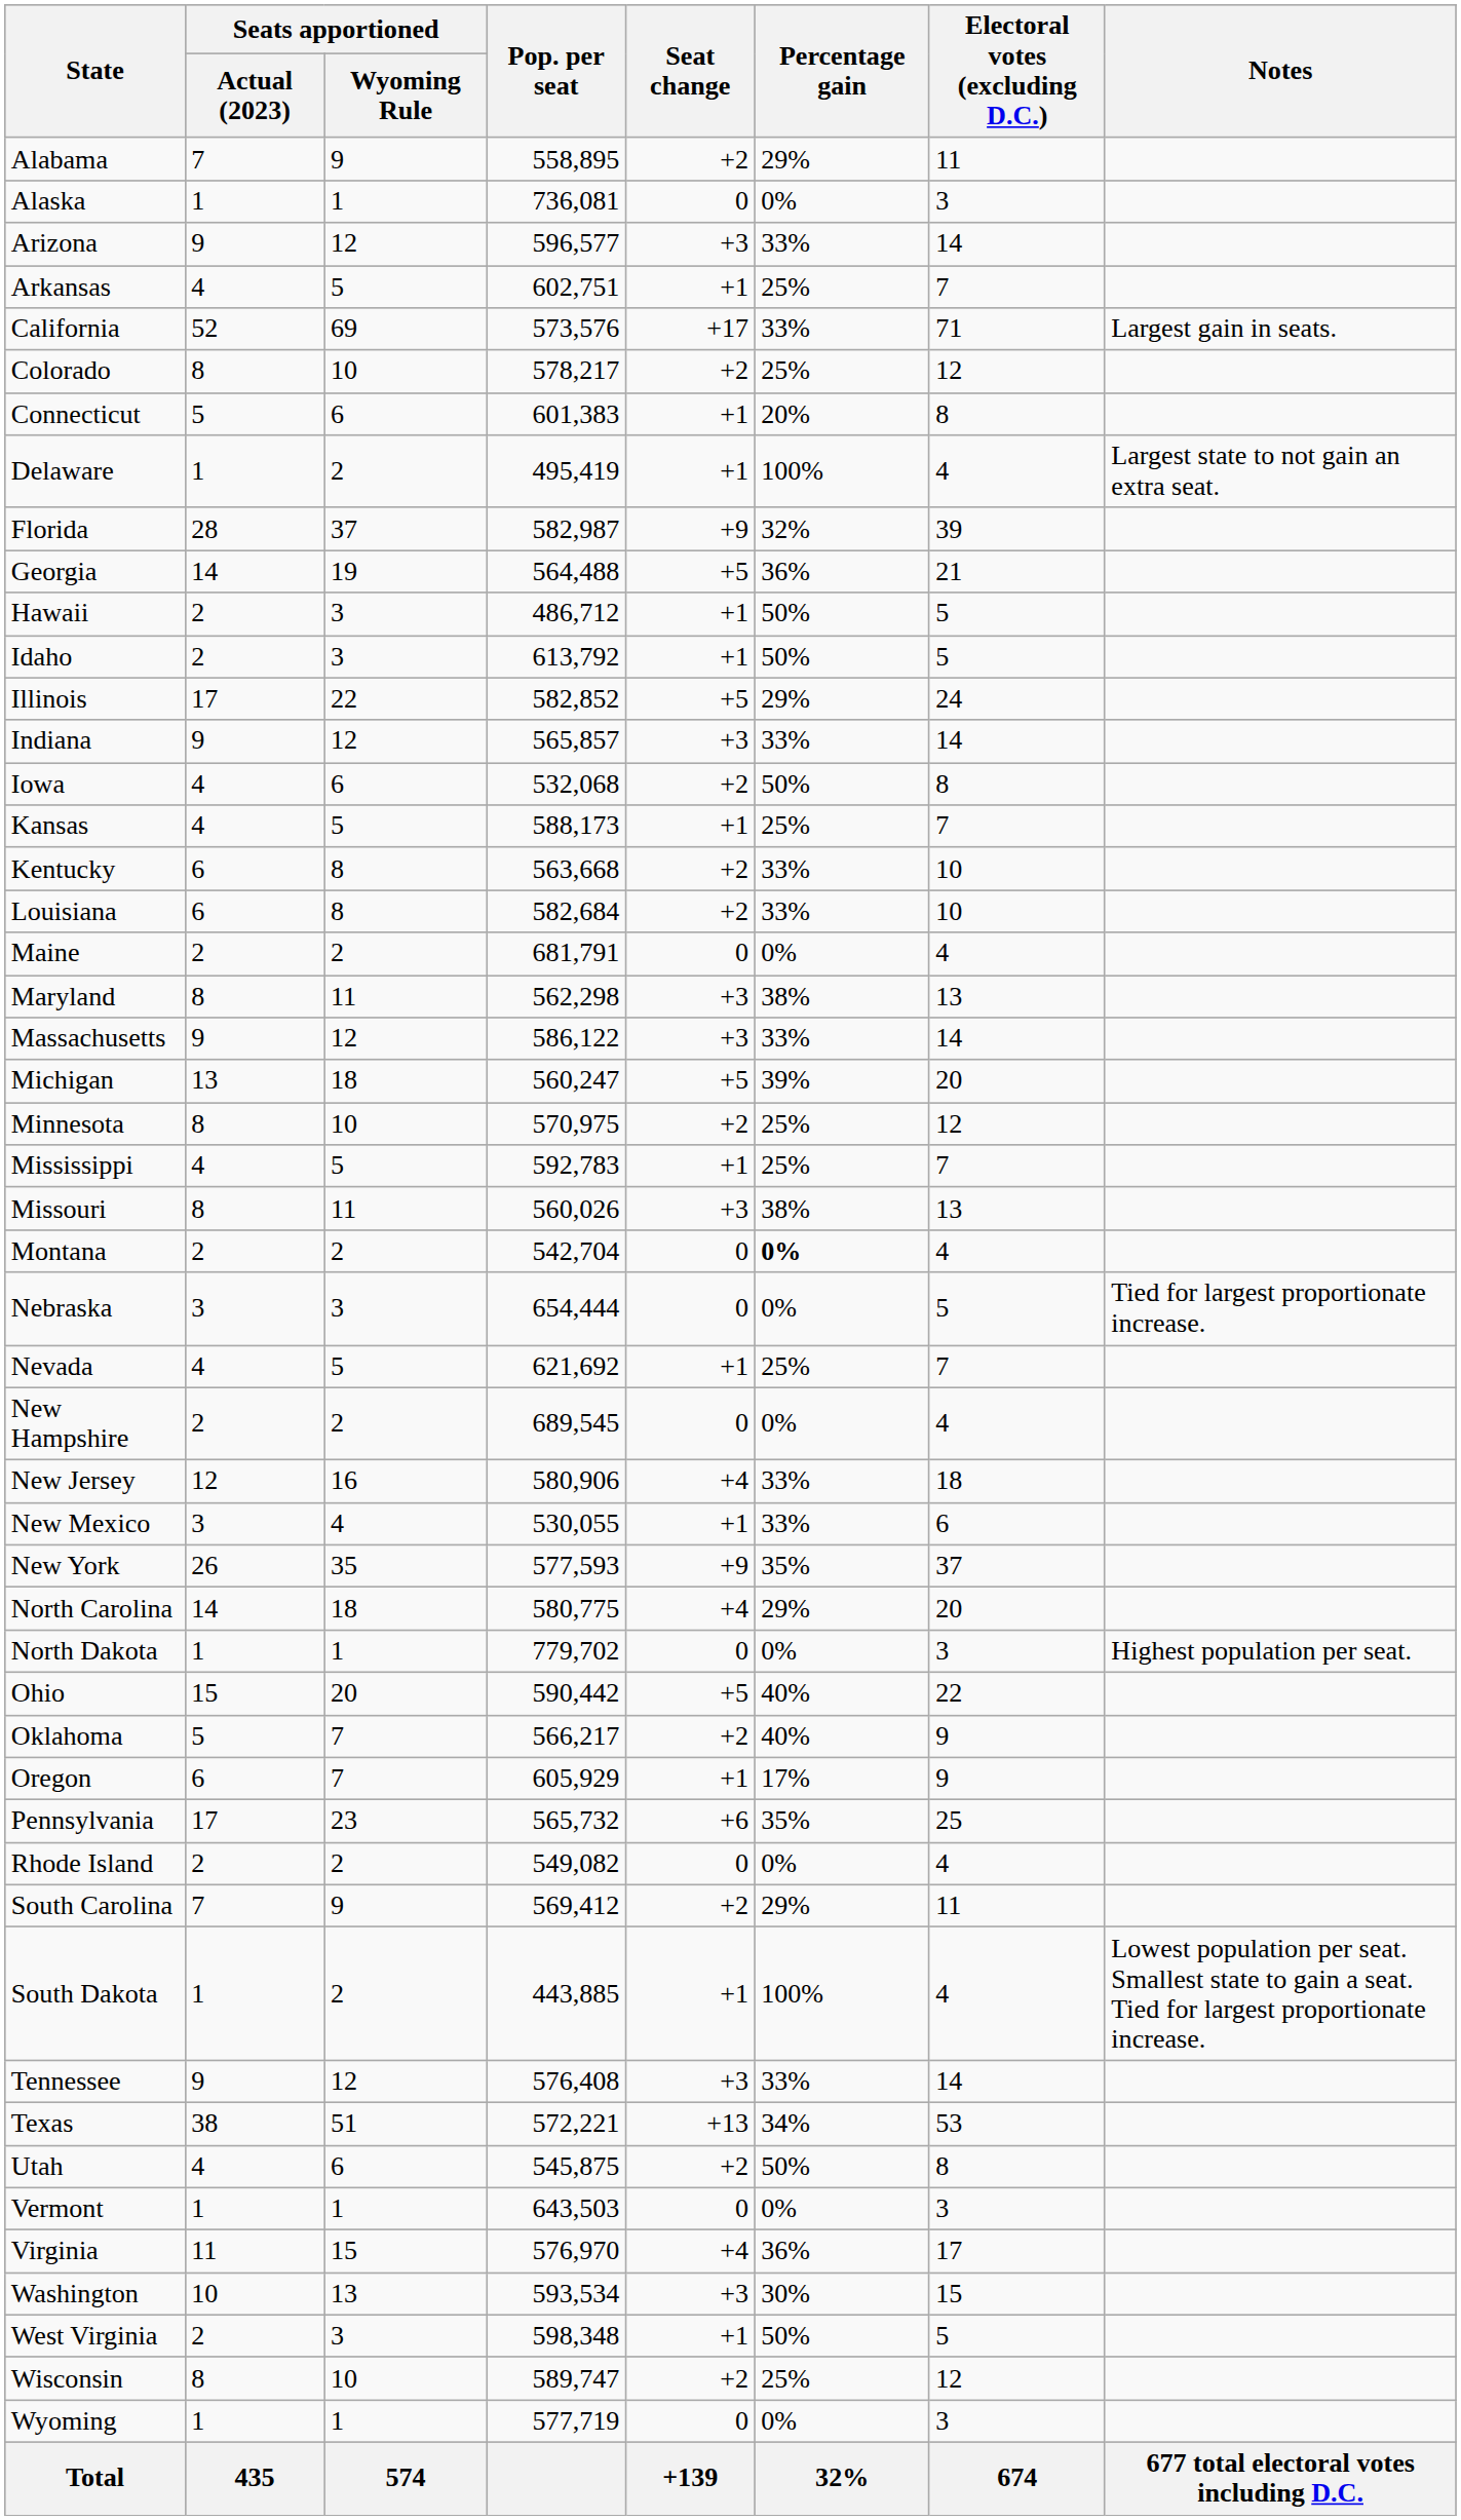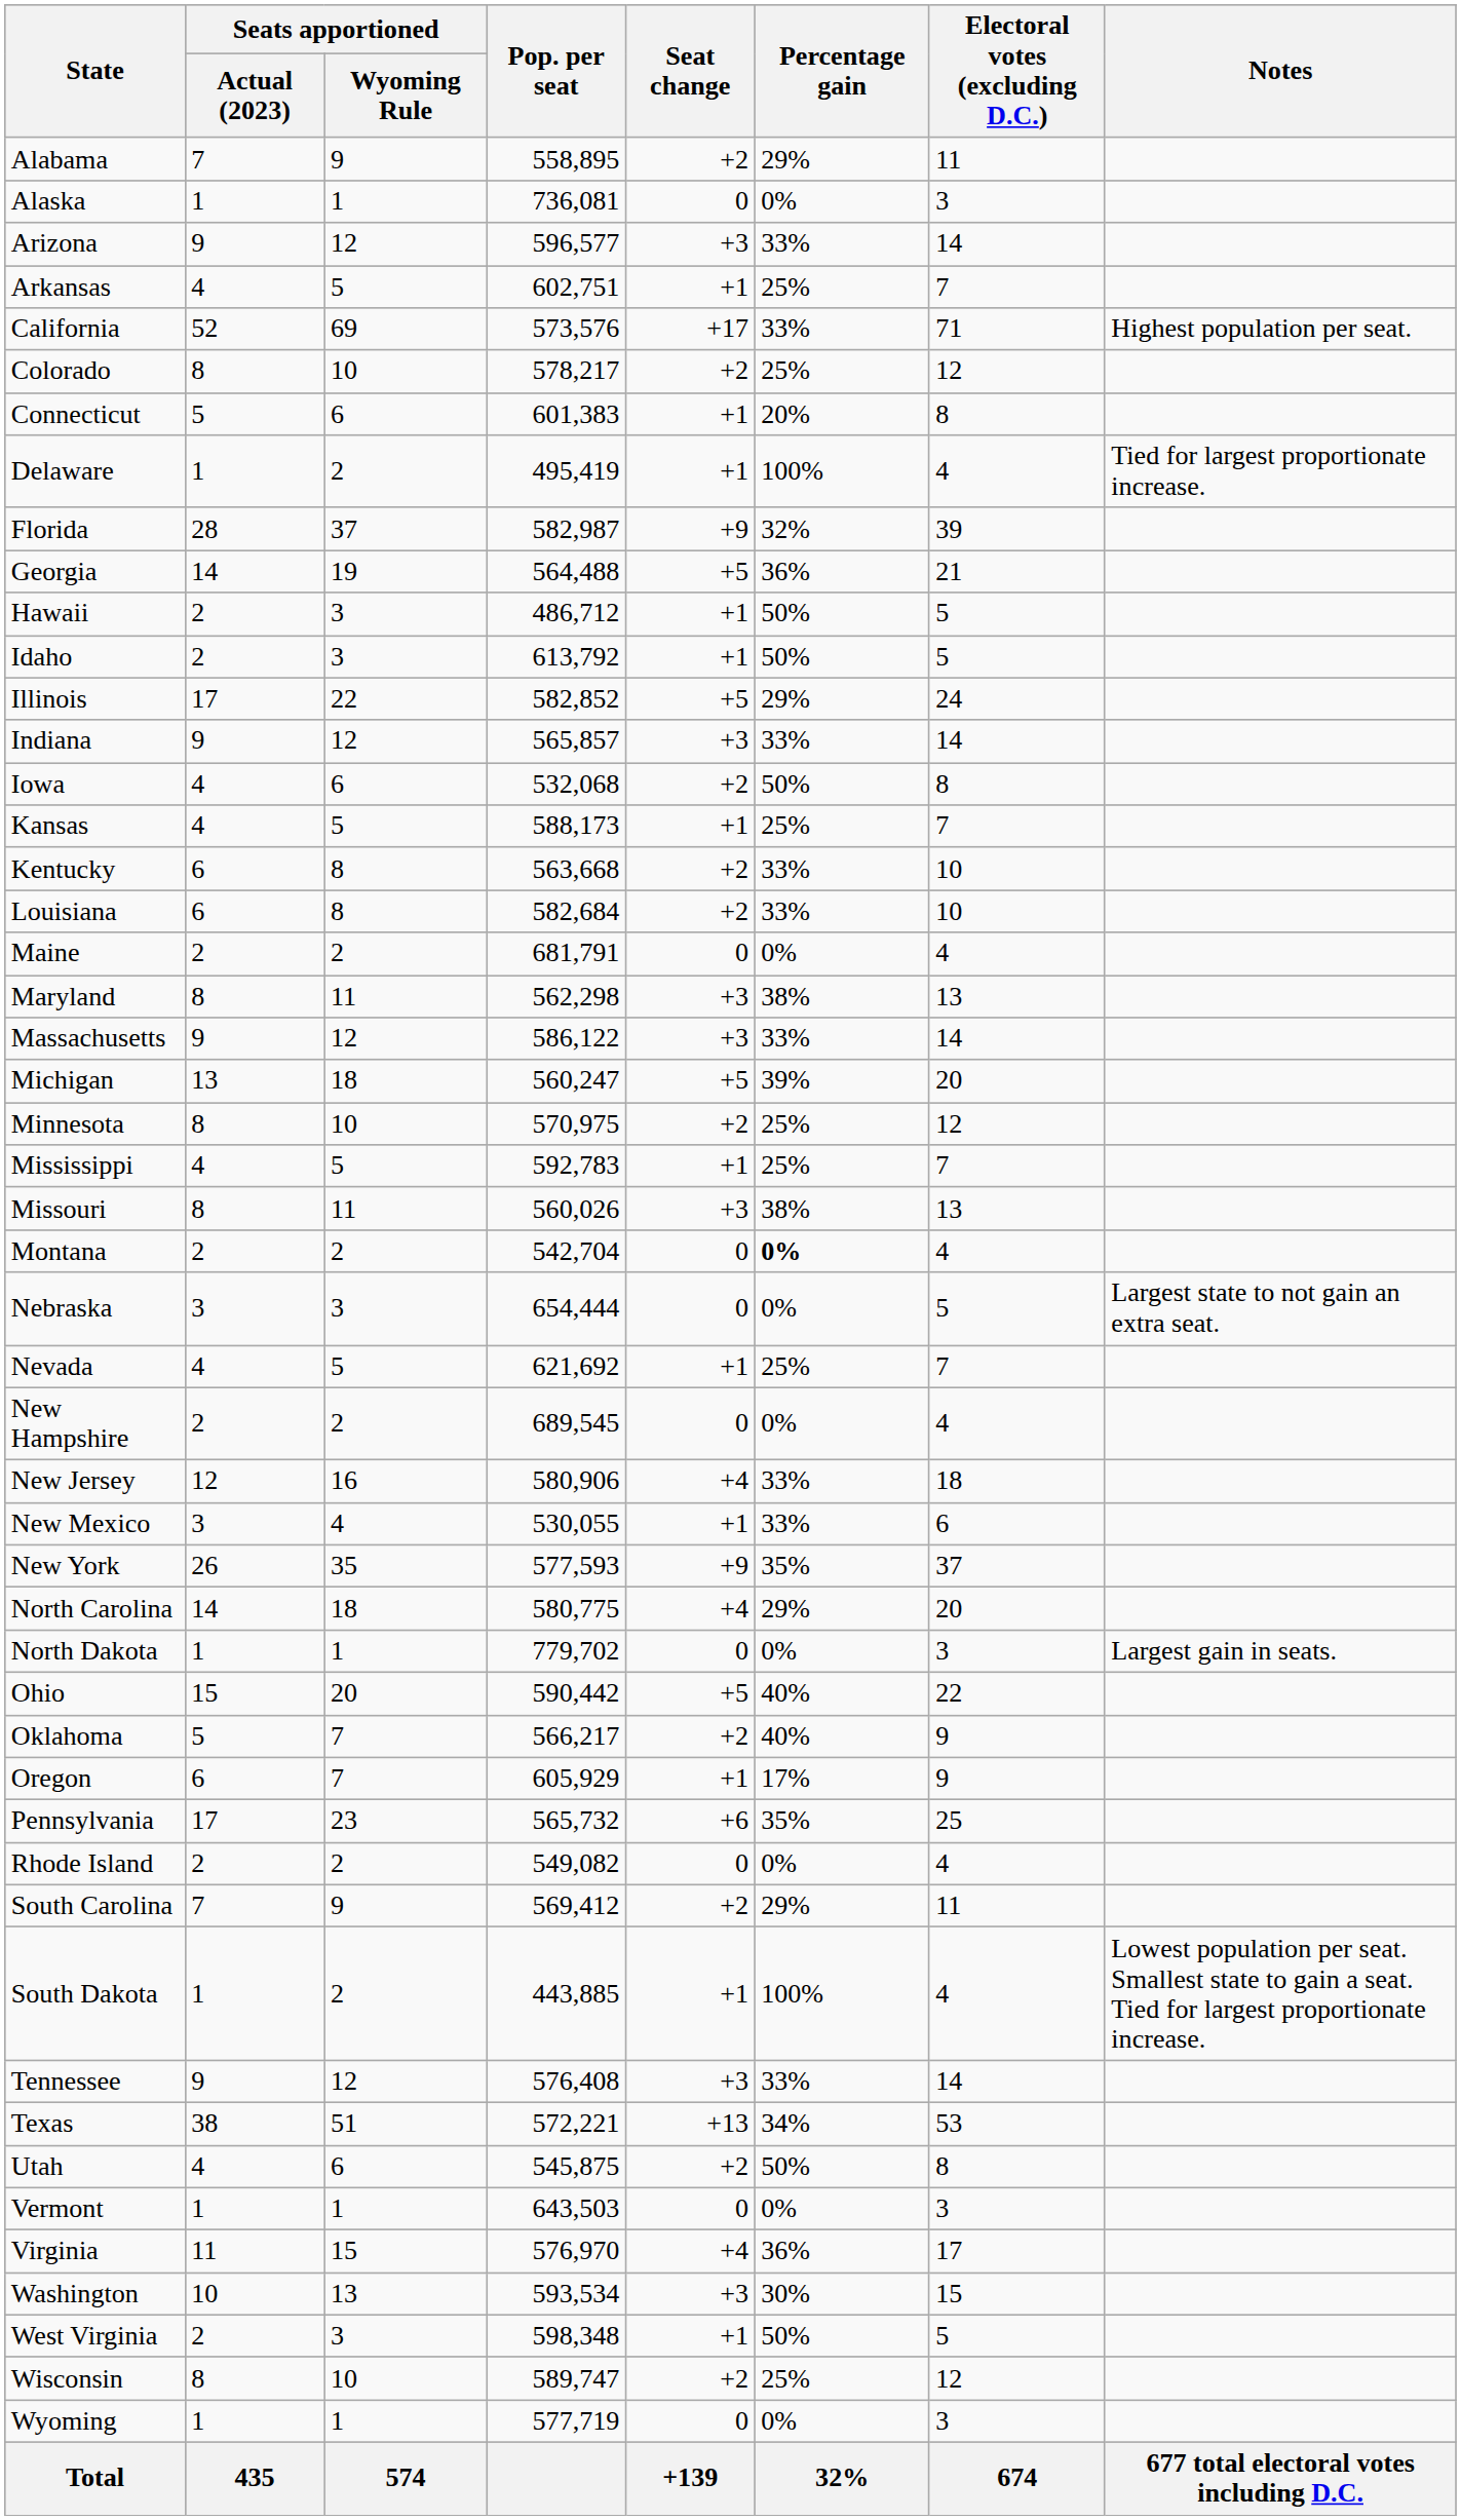 <table class="wikitable sortable">
 <tr>
 <th rowspan=2>State</th>
 <th colspan=2>Seats apportioned</th>
 <th rowspan=2>Pop. per seat</th>
 <th rowspan=2>Seat change</th>
 <th rowspan=2>Percentage gain</th>
 <th rowspan=2>Electoral votes<br> (excluding <a href='#'>D.C.</a>)</th>
 <th rowspan=2>Notes</th>
 </tr>
 <tr>
 <th>Actual (2023)</th>
 <th>Wyoming Rule</th>
 </tr>
 <tr>
 <td>Alabama</td>
 <td>7</td>
 <td>9</td>
 <td align="right">558,895</td>
 <td align="right">+2</td>
 <td>29%</td>
 <td>11</td>
 <td></td>
 </tr>
 <tr>
 <td>Alaska</td>
 <td>1</td>
 <td>1</td>
 <td align="right">736,081</td>
 <td align="right">0</td>
 <td>0%</td>
 <td>3</td>
 <td></td>
 </tr>
 <tr>
 <td>Arizona</td>
 <td>9</td>
 <td>12</td>
 <td align="right">596,577</td>
 <td align="right">+3</td>
 <td>33%</td>
 <td>14</td>
 <td></td>
 </tr>
 <tr>
 <td>Arkansas</td>
 <td>4</td>
 <td>5</td>
 <td align="right">602,751</td>
 <td align="right">+1</td>
 <td>25%</td>
 <td>7</td>
 <td></td>
 </tr>
 <tr>
 <td>California</td>
 <td>52</td>
 <td>69</td>
 <td align="right">573,576</td>
 <td align="right">+17</td>
 <td>33%</td>
 <td>71</td>
-<td>Largest gain in seats.</td>
+<td>Highest population per seat.</td>
 </tr>
 <tr>
 <td>Colorado</td>
 <td>8</td>
 <td>10</td>
 <td align="right">578,217</td>
 <td align="right">+2</td>
 <td>25%</td>
 <td>12</td>
 <td></td>
 </tr>
 <tr>
 <td>Connecticut</td>
 <td>5</td>
 <td>6</td>
 <td align="right">601,383</td>
 <td align="right">+1</td>
 <td>20%</td>
 <td>8</td>
 <td></td>
 </tr>
 <tr>
 <td>Delaware</td>
 <td>1</td>
 <td>2</td>
 <td align="right">495,419</td>
 <td align="right">+1</td>
 <td>100%</td>
 <td>4</td>
-<td>Largest state to not gain an extra seat.</td>
+<td>Tied for largest proportionate increase.</td>
 </tr>
 <tr>
 <td>Florida</td>
 <td>28</td>
 <td>37</td>
 <td align="right">582,987</td>
 <td align="right">+9</td>
 <td>32%</td>
 <td>39</td>
 <td></td>
 </tr>
 <tr>
 <td>Georgia</td>
 <td>14</td>
 <td>19</td>
 <td align="right">564,488</td>
 <td align="right">+5</td>
 <td>36%</td>
 <td>21</td>
 <td></td>
 </tr>
 <tr>
 <td>Hawaii</td>
 <td>2</td>
 <td>3</td>
 <td align="right">486,712</td>
 <td align="right">+1</td>
 <td>50%</td>
 <td>5</td>
 <td></td>
 </tr>
 <tr>
 <td>Idaho</td>
 <td>2</td>
 <td>3</td>
 <td align="right">613,792</td>
 <td align="right">+1</td>
 <td>50%</td>
 <td>5</td>
 <td></td>
 </tr>
 <tr>
 <td>Illinois</td>
 <td>17</td>
 <td>22</td>
 <td align="right">582,852</td>
 <td align="right">+5</td>
 <td>29%</td>
 <td>24</td>
 <td></td>
 </tr>
 <tr>
 <td>Indiana</td>
 <td>9</td>
 <td>12</td>
 <td align="right">565,857</td>
 <td align="right">+3</td>
 <td>33%</td>
 <td>14</td>
 <td></td>
 </tr>
 <tr>
 <td>Iowa</td>
 <td>4</td>
 <td>6</td>
 <td align="right">532,068</td>
 <td align="right">+2</td>
 <td>50%</td>
 <td>8</td>
 <td></td>
 </tr>
 <tr>
 <td>Kansas</td>
 <td>4</td>
 <td>5</td>
 <td align="right">588,173</td>
 <td align="right">+1</td>
 <td>25%</td>
 <td>7</td>
 <td></td>
 </tr>
 <tr>
 <td>Kentucky</td>
 <td>6</td>
 <td>8</td>
 <td align="right">563,668</td>
 <td align="right">+2</td>
 <td>33%</td>
 <td>10</td>
 <td></td>
 </tr>
 <tr>
 <td>Louisiana</td>
 <td>6</td>
 <td>8</td>
 <td align="right">582,684</td>
 <td align="right">+2</td>
 <td>33%</td>
 <td>10</td>
 <td></td>
 </tr>
 <tr>
 <td>Maine</td>
 <td>2</td>
 <td>2</td>
 <td align="right">681,791</td>
 <td align="right">0</td>
 <td>0%</td>
 <td>4</td>
 <td></td>
 </tr>
 <tr>
 <td>Maryland</td>
 <td>8</td>
 <td>11</td>
 <td align="right">562,298</td>
 <td align="right">+3</td>
 <td>38%</td>
 <td>13</td>
 <td></td>
 </tr>
 <tr>
 <td>Massachusetts</td>
 <td>9</td>
 <td>12</td>
 <td align="right">586,122</td>
 <td align="right">+3</td>
 <td>33%</td>
 <td>14</td>
 <td></td>
 </tr>
 <tr>
 <td>Michigan</td>
 <td>13</td>
 <td>18</td>
 <td align="right">560,247</td>
 <td align="right">+5</td>
 <td>39%</td>
 <td>20</td>
 <td></td>
 </tr>
 <tr>
 <td>Minnesota</td>
 <td>8</td>
 <td>10</td>
 <td align="right">570,975</td>
 <td align="right">+2</td>
 <td>25%</td>
 <td>12</td>
 <td></td>
 </tr>
 <tr>
 <td>Mississippi</td>
 <td>4</td>
 <td>5</td>
 <td align="right">592,783</td>
 <td align="right">+1</td>
 <td>25%</td>
 <td>7</td>
 <td></td>
 </tr>
 <tr>
 <td>Missouri</td>
 <td>8</td>
 <td>11</td>
 <td align="right">560,026</td>
 <td align="right">+3</td>
 <td>38%</td>
 <td>13</td>
 <td></td>
 </tr>
 <tr>
 <td>Montana</td>
 <td>2</td>
 <td>2</td>
 <td align="right">542,704</td>
 <td align="right">0</td>
 <td><strong>0%</strong></td>
 <td>4</td>
 <td></td>
 </tr>
 <tr>
 <td>Nebraska</td>
 <td>3</td>
 <td>3</td>
 <td align="right">654,444</td>
 <td align="right">0</td>
 <td>0%</td>
 <td>5</td>
-<td>Tied for largest proportionate increase.</td>
+<td>Largest state to not gain an extra seat.</td>
 </tr>
 <tr>
 <td>Nevada</td>
 <td>4</td>
 <td>5</td>
 <td align="right">621,692</td>
 <td align="right">+1</td>
 <td>25%</td>
 <td>7</td>
 <td></td>
 </tr>
 <tr>
 <td>New Hampshire</td>
 <td>2</td>
 <td>2</td>
 <td align="right">689,545</td>
 <td align="right">0</td>
 <td>0%</td>
 <td>4</td>
 <td></td>
 </tr>
 <tr>
 <td>New Jersey</td>
 <td>12</td>
 <td>16</td>
 <td align="right">580,906</td>
 <td align="right">+4</td>
 <td>33%</td>
 <td>18</td>
 <td></td>
 </tr>
 <tr>
 <td>New Mexico</td>
 <td>3</td>
 <td>4</td>
 <td align="right">530,055</td>
 <td align="right">+1</td>
 <td>33%</td>
 <td>6</td>
 <td></td>
 </tr>
 <tr>
 <td>New York</td>
 <td>26</td>
 <td>35</td>
 <td align="right">577,593</td>
 <td align="right">+9</td>
 <td>35%</td>
 <td>37</td>
 <td></td>
 </tr>
 <tr>
 <td>North Carolina</td>
 <td>14</td>
 <td>18</td>
 <td align="right">580,775</td>
 <td align="right">+4</td>
 <td>29%</td>
 <td>20</td>
 <td></td>
 </tr>
 <tr>
 <td>North Dakota</td>
 <td>1</td>
 <td>1</td>
 <td align="right">779,702</td>
 <td align="right">0</td>
 <td>0%</td>
 <td>3</td>
-<td>Highest population per seat.</td>
+<td>Largest gain in seats.</td>
 </tr>
 <tr>
 <td>Ohio</td>
 <td>15</td>
 <td>20</td>
 <td align="right">590,442</td>
 <td align="right">+5</td>
 <td>40%</td>
 <td>22</td>
 <td></td>
 </tr>
 <tr>
 <td>Oklahoma</td>
 <td>5</td>
 <td>7</td>
 <td align="right">566,217</td>
 <td align="right">+2</td>
 <td>40%</td>
 <td>9</td>
 <td></td>
 </tr>
 <tr>
 <td>Oregon</td>
 <td>6</td>
 <td>7</td>
 <td align="right">605,929</td>
 <td align="right">+1</td>
 <td>17%</td>
 <td>9</td>
 <td></td>
 </tr>
 <tr>
 <td>Pennsylvania</td>
 <td>17</td>
 <td>23</td>
 <td align="right">565,732</td>
 <td align="right">+6</td>
 <td>35%</td>
 <td>25</td>
 <td></td>
 </tr>
 <tr>
 <td>Rhode Island</td>
 <td>2</td>
 <td>2</td>
 <td align="right">549,082</td>
 <td align="right">0</td>
 <td>0%</td>
 <td>4</td>
 <td></td>
 </tr>
 <tr>
 <td>South Carolina</td>
 <td>7</td>
 <td>9</td>
 <td align="right">569,412</td>
 <td align="right">+2</td>
 <td>29%</td>
 <td>11</td>
 <td></td>
 </tr>
 <tr>
 <td>South Dakota</td>
 <td>1</td>
 <td>2</td>
 <td align="right">443,885</td>
 <td align="right">+1</td>
 <td>100%</td>
 <td>4</td>
 <td>Lowest population per seat.<br> Smallest state to gain a seat.<br> Tied for largest proportionate increase.</td>
 </tr>
 <tr>
 <td>Tennessee</td>
 <td>9</td>
 <td>12</td>
 <td align="right">576,408</td>
 <td align="right">+3</td>
 <td>33%</td>
 <td>14</td>
 <td></td>
 </tr>
 <tr>
 <td>Texas</td>
 <td>38</td>
 <td>51</td>
 <td align="right">572,221</td>
 <td align="right">+13</td>
 <td>34%</td>
 <td>53</td>
 <td></td>
 </tr>
 <tr>
 <td>Utah</td>
 <td>4</td>
 <td>6</td>
 <td align="right">545,875</td>
 <td align="right">+2</td>
 <td>50%</td>
 <td>8</td>
 <td></td>
 </tr>
 <tr>
 <td>Vermont</td>
 <td>1</td>
 <td>1</td>
 <td align="right">643,503</td>
 <td align="right">0</td>
 <td>0%</td>
 <td>3</td>
 <td></td>
 </tr>
 <tr>
 <td>Virginia</td>
 <td>11</td>
 <td>15</td>
 <td align="right">576,970</td>
 <td align="right">+4</td>
 <td>36%</td>
 <td>17</td>
 <td></td>
 </tr>
 <tr>
 <td>Washington</td>
 <td>10</td>
 <td>13</td>
 <td align="right">593,534</td>
 <td align="right">+3</td>
 <td>30%</td>
 <td>15</td>
 <td></td>
 </tr>
 <tr>
 <td>West Virginia</td>
 <td>2</td>
 <td>3</td>
 <td align="right">598,348</td>
 <td align="right">+1</td>
 <td>50%</td>
 <td>5</td>
 <td></td>
 </tr>
 <tr>
 <td>Wisconsin</td>
 <td>8</td>
 <td>10</td>
 <td align="right">589,747</td>
 <td align="right">+2</td>
 <td>25%</td>
 <td>12</td>
 <td></td>
 </tr>
 <tr>
 <td>Wyoming</td>
 <td>1</td>
 <td>1</td>
 <td align="right">577,719</td>
 <td align="right">0</td>
 <td>0%</td>
 <td>3</td>
 <td></td>
 </tr>
 <tr>
 <th>Total</th>
 <th>435</th>
 <th>574</th>
 <th></th>
 <th>+139</th>
 <th>32%</th>
 <th>674</th>
 <th>677 total electoral votes including <a href='#'>D.C.</a></th>
 </tr>
 </table>
